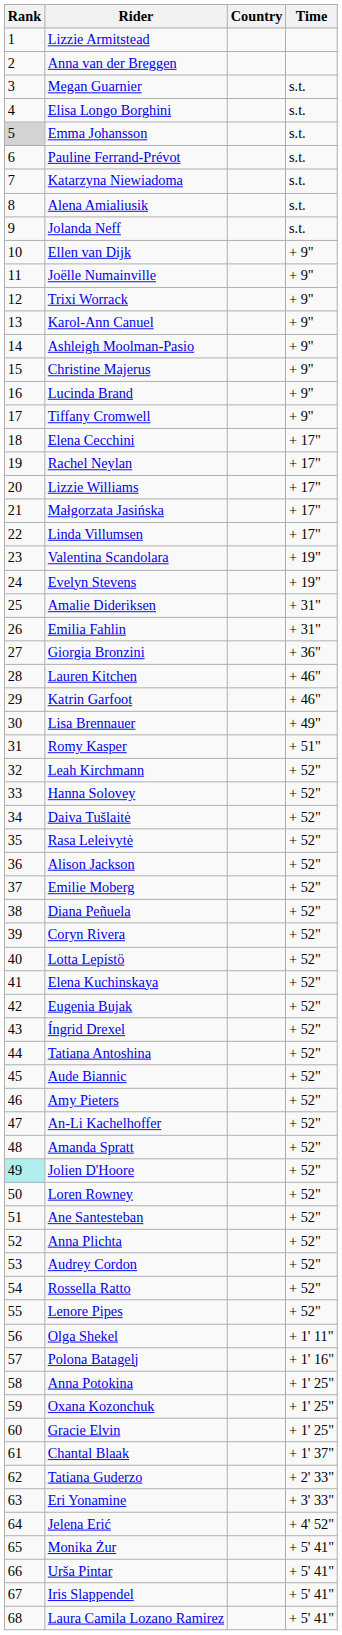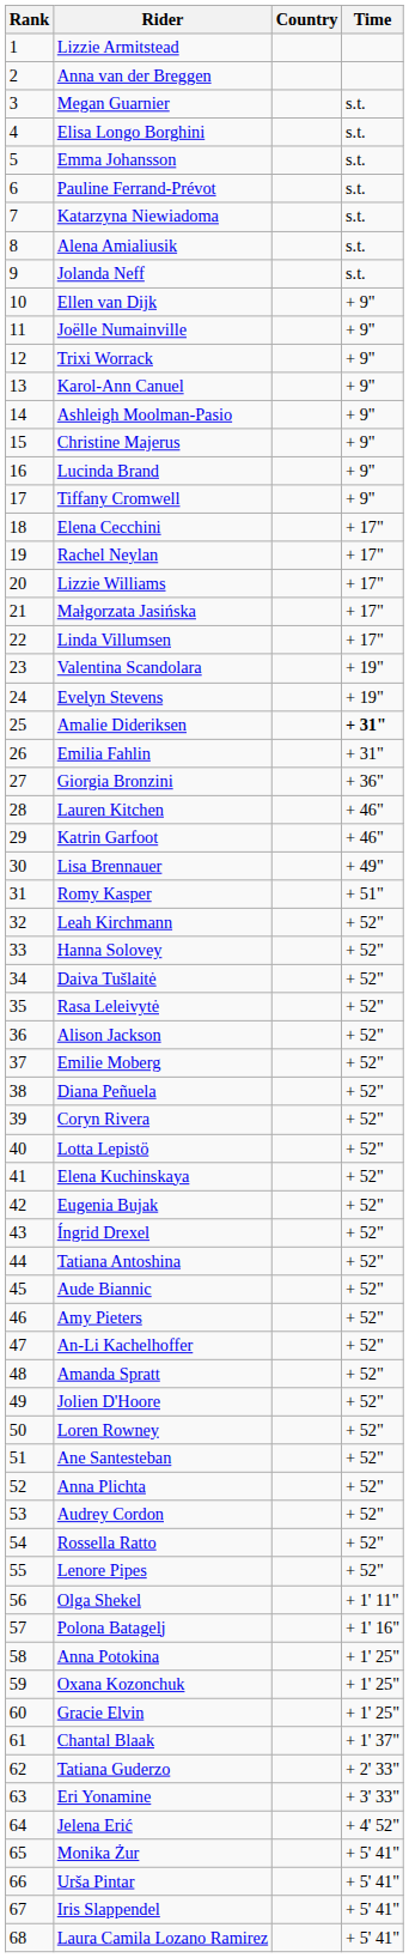 <table class="wikitable" style="font-size:95%; text-align:left;">
 <tr>
 <th>Rank</th>
 <th>Rider</th>
 <th>Country</th>
 <th>Time</th>
 </tr>
 <tr>
 <td>1</td>
 <td><a href='#'>Lizzie Armitstead</a></td>
 <td></td>
 <td></td>
 </tr>
 <tr>
 <td>2</td>
 <td><a href='#'>Anna van der Breggen</a></td>
 <td></td>
 <td></td>
 </tr>
 <tr>
 <td>3</td>
 <td><a href='#'>Megan Guarnier</a></td>
 <td></td>
 <td>s.t.</td>
 </tr>
 <tr>
 <td>4</td>
 <td><a href='#'>Elisa Longo Borghini</a></td>
 <td></td>
 <td>s.t.</td>
 </tr>
 <tr>
-<td style="background: lightgrey;">5</td>
+<td>5</td>
 <td><a href='#'>Emma Johansson</a></td>
 <td></td>
 <td>s.t.</td>
 </tr>
 <tr>
 <td>6</td>
 <td><a href='#'>Pauline Ferrand-Prévot</a></td>
 <td></td>
 <td>s.t.</td>
 </tr>
 <tr>
 <td>7</td>
 <td><a href='#'>Katarzyna Niewiadoma</a></td>
 <td></td>
 <td>s.t.</td>
 </tr>
 <tr>
 <td>8</td>
 <td><a href='#'>Alena Amialiusik</a></td>
 <td></td>
 <td>s.t.</td>
 </tr>
 <tr>
 <td>9</td>
 <td><a href='#'>Jolanda Neff</a></td>
 <td></td>
 <td>s.t.</td>
 </tr>
 <tr>
 <td>10</td>
 <td><a href='#'>Ellen van Dijk</a></td>
 <td></td>
 <td>+ 9"</td>
 </tr>
 <tr>
 <td>11</td>
 <td><a href='#'>Joëlle Numainville</a></td>
 <td></td>
 <td>+ 9"</td>
 </tr>
 <tr>
 <td>12</td>
 <td><a href='#'>Trixi Worrack</a></td>
 <td></td>
 <td>+ 9"</td>
 </tr>
 <tr>
 <td>13</td>
 <td><a href='#'>Karol-Ann Canuel</a></td>
 <td></td>
 <td>+ 9"</td>
 </tr>
 <tr>
 <td>14</td>
 <td><a href='#'>Ashleigh Moolman-Pasio</a></td>
 <td></td>
 <td>+ 9"</td>
 </tr>
 <tr>
 <td>15</td>
 <td><a href='#'>Christine Majerus</a></td>
 <td></td>
 <td>+ 9"</td>
 </tr>
 <tr>
 <td>16</td>
 <td><a href='#'>Lucinda Brand</a></td>
 <td></td>
 <td>+ 9"</td>
 </tr>
 <tr>
 <td>17</td>
 <td><a href='#'>Tiffany Cromwell</a></td>
 <td></td>
 <td>+ 9"</td>
 </tr>
 <tr>
 <td>18</td>
 <td><a href='#'>Elena Cecchini</a></td>
 <td></td>
 <td>+ 17"</td>
 </tr>
 <tr>
 <td>19</td>
 <td><a href='#'>Rachel Neylan</a></td>
 <td></td>
 <td>+ 17"</td>
 </tr>
 <tr>
 <td>20</td>
 <td><a href='#'>Lizzie Williams</a></td>
 <td></td>
 <td>+ 17"</td>
 </tr>
 <tr>
 <td>21</td>
 <td><a href='#'>Małgorzata Jasińska</a></td>
 <td></td>
 <td>+ 17"</td>
 </tr>
 <tr>
 <td>22</td>
 <td><a href='#'>Linda Villumsen</a></td>
 <td></td>
 <td>+ 17"</td>
 </tr>
 <tr>
 <td>23</td>
 <td><a href='#'>Valentina Scandolara</a></td>
 <td></td>
 <td>+ 19"</td>
 </tr>
 <tr>
 <td>24</td>
 <td><a href='#'>Evelyn Stevens</a></td>
 <td></td>
 <td>+ 19"</td>
 </tr>
 <tr>
 <td>25</td>
 <td><a href='#'>Amalie Dideriksen</a></td>
 <td></td>
-<td>+ 31"</td>
+<td><strong>+ 31"</strong></td>
 </tr>
 <tr>
 <td>26</td>
 <td><a href='#'>Emilia Fahlin</a></td>
 <td></td>
 <td>+ 31"</td>
 </tr>
 <tr>
 <td>27</td>
 <td><a href='#'>Giorgia Bronzini</a></td>
 <td></td>
 <td>+ 36"</td>
 </tr>
 <tr>
 <td>28</td>
 <td><a href='#'>Lauren Kitchen</a></td>
 <td></td>
 <td>+ 46"</td>
 </tr>
 <tr>
 <td>29</td>
 <td><a href='#'>Katrin Garfoot</a></td>
 <td></td>
 <td>+ 46"</td>
 </tr>
 <tr>
 <td>30</td>
 <td><a href='#'>Lisa Brennauer</a></td>
 <td></td>
 <td>+ 49"</td>
 </tr>
 <tr>
 <td>31</td>
 <td><a href='#'>Romy Kasper</a></td>
 <td></td>
 <td>+ 51"</td>
 </tr>
 <tr>
 <td>32</td>
 <td><a href='#'>Leah Kirchmann</a></td>
 <td></td>
 <td>+ 52"</td>
 </tr>
 <tr>
 <td>33</td>
 <td><a href='#'>Hanna Solovey</a></td>
 <td></td>
 <td>+ 52"</td>
 </tr>
 <tr>
 <td>34</td>
 <td><a href='#'>Daiva Tušlaitė</a></td>
 <td></td>
 <td>+ 52"</td>
 </tr>
 <tr>
 <td>35</td>
 <td><a href='#'>Rasa Leleivytė</a></td>
 <td></td>
 <td>+ 52"</td>
 </tr>
 <tr>
 <td>36</td>
 <td><a href='#'>Alison Jackson</a></td>
 <td></td>
 <td>+ 52"</td>
 </tr>
 <tr>
 <td>37</td>
 <td><a href='#'>Emilie Moberg</a></td>
 <td></td>
 <td>+ 52"</td>
 </tr>
 <tr>
 <td>38</td>
 <td><a href='#'>Diana Peñuela</a></td>
 <td></td>
 <td>+ 52"</td>
 </tr>
 <tr>
 <td>39</td>
 <td><a href='#'>Coryn Rivera</a></td>
 <td></td>
 <td>+ 52"</td>
 </tr>
 <tr>
 <td>40</td>
 <td><a href='#'>Lotta Lepistö</a></td>
 <td></td>
 <td>+ 52"</td>
 </tr>
 <tr>
 <td>41</td>
 <td><a href='#'>Elena Kuchinskaya</a></td>
 <td></td>
 <td>+ 52"</td>
 </tr>
 <tr>
 <td>42</td>
 <td><a href='#'>Eugenia Bujak</a></td>
 <td></td>
 <td>+ 52"</td>
 </tr>
 <tr>
 <td>43</td>
 <td><a href='#'>Íngrid Drexel</a></td>
 <td></td>
 <td>+ 52"</td>
 </tr>
 <tr>
 <td>44</td>
 <td><a href='#'>Tatiana Antoshina</a></td>
 <td></td>
 <td>+ 52"</td>
 </tr>
 <tr>
 <td>45</td>
 <td><a href='#'>Aude Biannic</a></td>
 <td></td>
 <td>+ 52"</td>
 </tr>
 <tr>
 <td>46</td>
 <td><a href='#'>Amy Pieters</a></td>
 <td></td>
 <td>+ 52"</td>
 </tr>
 <tr>
 <td>47</td>
 <td><a href='#'>An-Li Kachelhoffer</a></td>
 <td></td>
 <td>+ 52"</td>
 </tr>
 <tr>
 <td>48</td>
 <td><a href='#'>Amanda Spratt</a></td>
 <td></td>
 <td>+ 52"</td>
 </tr>
 <tr>
-<td style="background: paleturquoise;">49</td>
+<td>49</td>
 <td><a href='#'>Jolien D'Hoore</a></td>
 <td></td>
 <td>+ 52"</td>
 </tr>
 <tr>
 <td>50</td>
 <td><a href='#'>Loren Rowney</a></td>
 <td></td>
 <td>+ 52"</td>
 </tr>
 <tr>
 <td>51</td>
 <td><a href='#'>Ane Santesteban</a></td>
 <td></td>
 <td>+ 52"</td>
 </tr>
 <tr>
 <td>52</td>
 <td><a href='#'>Anna Plichta</a></td>
 <td></td>
 <td>+ 52"</td>
 </tr>
 <tr>
 <td>53</td>
 <td><a href='#'>Audrey Cordon</a></td>
 <td></td>
 <td>+ 52"</td>
 </tr>
 <tr>
 <td>54</td>
 <td><a href='#'>Rossella Ratto</a></td>
 <td></td>
 <td>+ 52"</td>
 </tr>
 <tr>
 <td>55</td>
 <td><a href='#'>Lenore Pipes</a></td>
 <td></td>
 <td>+ 52"</td>
 </tr>
 <tr>
 <td>56</td>
 <td><a href='#'>Olga Shekel</a></td>
 <td></td>
 <td>+ 1' 11"</td>
 </tr>
 <tr>
 <td>57</td>
 <td><a href='#'>Polona Batagelj</a></td>
 <td></td>
 <td>+ 1' 16"</td>
 </tr>
 <tr>
 <td>58</td>
 <td><a href='#'>Anna Potokina</a></td>
 <td></td>
 <td>+ 1' 25"</td>
 </tr>
 <tr>
 <td>59</td>
 <td><a href='#'>Oxana Kozonchuk</a></td>
 <td></td>
 <td>+ 1' 25"</td>
 </tr>
 <tr>
 <td>60</td>
 <td><a href='#'>Gracie Elvin</a></td>
 <td></td>
 <td>+ 1' 25"</td>
 </tr>
 <tr>
 <td>61</td>
 <td><a href='#'>Chantal Blaak</a></td>
 <td></td>
 <td>+ 1' 37"</td>
 </tr>
 <tr>
 <td>62</td>
 <td><a href='#'>Tatiana Guderzo</a></td>
 <td></td>
 <td>+ 2' 33"</td>
 </tr>
 <tr>
 <td>63</td>
 <td><a href='#'>Eri Yonamine</a></td>
 <td></td>
 <td>+ 3' 33"</td>
 </tr>
 <tr>
 <td>64</td>
 <td><a href='#'>Jelena Erić</a></td>
 <td></td>
 <td>+ 4' 52"</td>
 </tr>
 <tr>
 <td>65</td>
 <td><a href='#'>Monika Żur</a></td>
 <td></td>
 <td>+ 5' 41"</td>
 </tr>
 <tr>
 <td>66</td>
 <td><a href='#'>Urša Pintar</a></td>
 <td></td>
 <td>+ 5' 41"</td>
 </tr>
 <tr>
 <td>67</td>
 <td><a href='#'>Iris Slappendel</a></td>
 <td></td>
 <td>+ 5' 41"</td>
 </tr>
 <tr>
 <td>68</td>
 <td><a href='#'>Laura Camila Lozano Ramirez</a></td>
 <td></td>
 <td>+ 5' 41"</td>
 </tr>
 </table>
